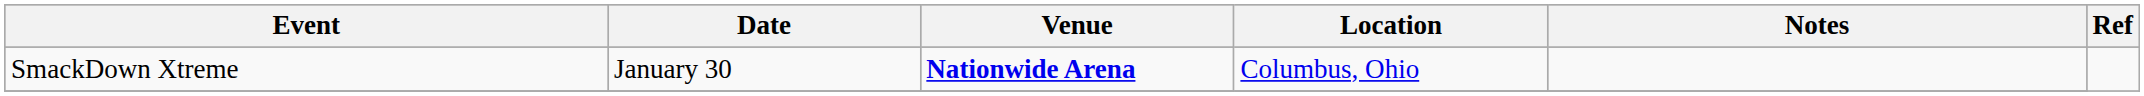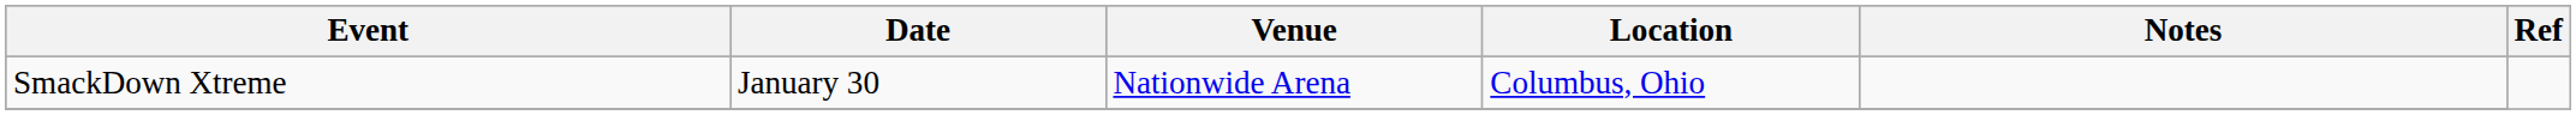 <table class="wikitable plainrowheaders sortable" style="width:100%;">
 <tr>
 <th style="width:29%;">Event</th>
 <th style="width:15%;">Date</th>
 <th style="width:15%;">Venue</th>
 <th style="width:15%;">Location</th>
 <th style="width:99%;">Notes</th>
 <th style="width:99%;">Ref</th>
 </tr>
 <tr>
 <td>SmackDown Xtreme</td>
 <td>January 30<br></td>
-<td><strong><a href='#'>Nationwide Arena</a></strong></td>
+<td><a href='#'>Nationwide Arena</a></td>
 <td><a href='#'>Columbus, Ohio</a></td>
 <td></td>
 </tr>
 <tr>
 </tr>
 </table>
